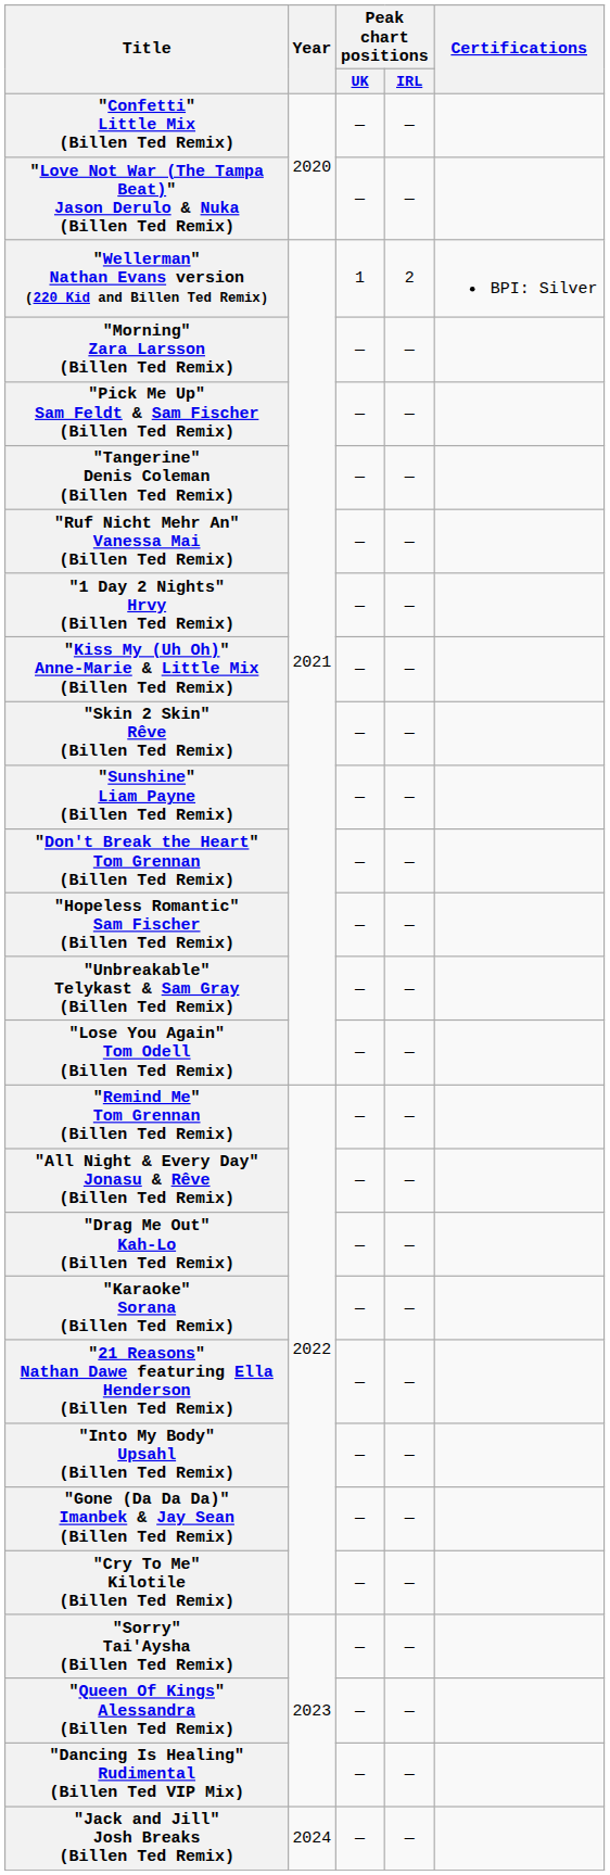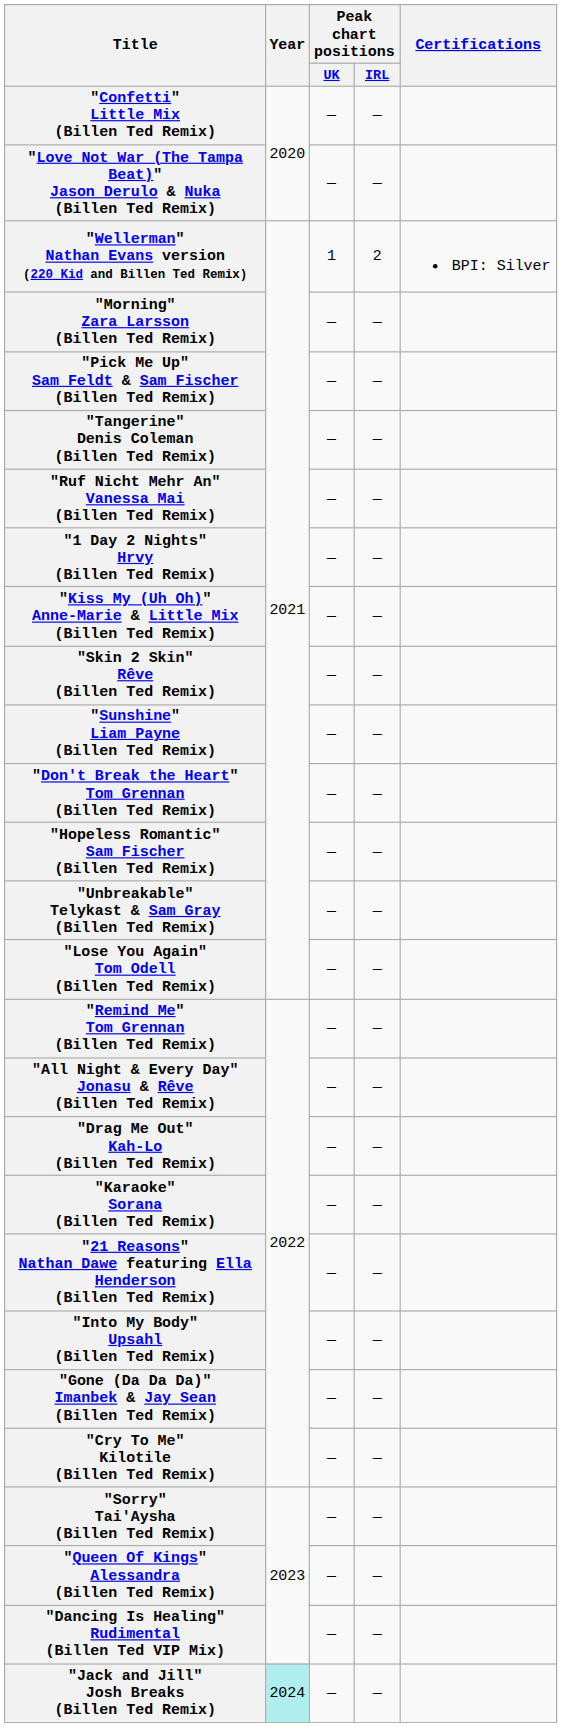 <table class="wikitable plainrowheaders" style="text-align:center;">
 <tr>
 <th scope="col" rowspan="2" style="width:17em;">Title</th>
 <th scope="col" rowspan="2" style="width:1em;">Year</th>
 <th scope="col" colspan="2">Peak chart positions</th>
 <th scope="col" rowspan="2" style="width:10em;"><a href='#'>Certifications</a></th>
 </tr>
 <tr>
 <th scope="col" style="width:2.9em;font-size:90%;"><a href='#'>UK</a><br></th>
 <th scope="col" style="width:2.9em;font-size:90%;"><a href='#'>IRL</a><br></th>
 </tr>
 <tr>
 <th scope="row">"<a href='#'>Confetti</a>"<br><a href='#'>Little Mix</a>  <br><span>(Billen Ted Remix)</span></th>
 <td rowspan="2">2020</td>
 <td>―</td>
 <td>―</td>
 <td></td>
 </tr>
 <tr>
 <th scope="row">"<a href='#'>Love Not War (The Tampa Beat)</a>"<br><a href='#'>Jason Derulo</a> & <a href='#'>Nuka</a>  <br><span>(Billen Ted Remix)</span></th>
 <td>―</td>
 <td>―</td>
 <td></td>
 </tr>
 <tr>
 <th scope="row">"<a href='#'>Wellerman</a>"<br><a href='#'>Nathan Evans</a> version<br><small>(<a href='#'>220 Kid</a> and Billen Ted Remix)</small></th>
 <td rowspan="13">2021</td>
 <td>1</td>
 <td>2<br></td>
 <td><br><ul><li>BPI: Silver</li></ul></td>
 </tr>
 <tr>
 <th scope="row">"Morning"<br><a href='#'>Zara Larsson</a> <br><span>(Billen Ted Remix)</span></th>
 <td>―</td>
 <td>―</td>
 <td></td>
 </tr>
 <tr>
 <th scope="row">"Pick Me Up"<br><a href='#'>Sam Feldt</a> & <a href='#'>Sam Fischer</a>  <br><span>(Billen Ted Remix)</span></th>
 <td>―</td>
 <td>―</td>
 <td></td>
 </tr>
 <tr>
 <th scope="row">"Tangerine"<br>Denis Coleman  <br><span>(Billen Ted Remix)</span></th>
 <td>―</td>
 <td>―</td>
 <td></td>
 </tr>
 <tr>
 <th scope="row">"Ruf Nicht Mehr An"<br><a href='#'>Vanessa Mai</a>  <br><span>(Billen Ted Remix)</span></th>
 <td>―</td>
 <td>―</td>
 <td></td>
 </tr>
 <tr>
 <th scope="row">"1 Day 2 Nights"<br><a href='#'>Hrvy</a>  <br><span>(Billen Ted Remix)</span></th>
 <td>―</td>
 <td>―</td>
 <td></td>
 </tr>
 <tr>
 <th scope="row">"<a href='#'>Kiss My (Uh Oh)</a>"<br><a href='#'>Anne-Marie</a> & <a href='#'>Little Mix</a> <br><span>(Billen Ted Remix)</span></th>
 <td>―</td>
 <td>―</td>
 <td></td>
 </tr>
 <tr>
 <th scope="row">"Skin 2 Skin"<br><a href='#'>Rêve</a>  <br><span>(Billen Ted Remix)</span></th>
 <td>―</td>
 <td>―</td>
 <td></td>
 </tr>
 <tr>
 <th scope="row">"<a href='#'>Sunshine</a>"<br><a href='#'>Liam Payne</a><br><span>(Billen Ted Remix)</span></th>
 <td>―</td>
 <td>―</td>
 <td></td>
 </tr>
 <tr>
 <th scope="row">"<a href='#'>Don't Break the Heart</a>"<br><a href='#'>Tom Grennan</a><br><span>(Billen Ted Remix)</span></th>
 <td>―</td>
 <td>―</td>
 <td></td>
 </tr>
 <tr>
 <th scope="row">"Hopeless Romantic"<br><a href='#'>Sam Fischer</a>  <br><span>(Billen Ted Remix)</span></th>
 <td>―</td>
 <td>―</td>
 <td></td>
 </tr>
 <tr>
 <th scope="row">"Unbreakable"<br>Telykast & <a href='#'>Sam Gray</a>  <br><span>(Billen Ted Remix)</span></th>
 <td>―</td>
 <td>―</td>
 <td></td>
 </tr>
 <tr>
 <th scope="row">"Lose You Again"<br><a href='#'>Tom Odell</a><br><span>(Billen Ted Remix)</span></th>
 <td>―</td>
 <td>―</td>
 <td></td>
 </tr>
 <tr>
 <th scope="row">"<a href='#'>Remind Me</a>"<br><a href='#'>Tom Grennan</a>  <br><span>(Billen Ted Remix)</span></th>
 <td rowspan="8">2022</td>
 <td>―</td>
 <td>―</td>
 <td></td>
 </tr>
 <tr>
 <th scope="row">"All Night & Every Day"<br><a href='#'>Jonasu</a> & <a href='#'>Rêve</a>  <br><span>(Billen Ted Remix)</span></th>
 <td>―</td>
 <td>―</td>
 <td></td>
 </tr>
 <tr>
 <th scope="row">"Drag Me Out"<br><a href='#'>Kah-Lo</a>  <br><span>(Billen Ted Remix)</span></th>
 <td>―</td>
 <td>―</td>
 <td></td>
 </tr>
 <tr>
 <th scope="row">"Karaoke"<br><a href='#'>Sorana</a>  <br><span>(Billen Ted Remix)</span></th>
 <td>―</td>
 <td>―</td>
 <td></td>
 </tr>
 <tr>
 <th scope="row">"<a href='#'>21 Reasons</a>"<br><a href='#'>Nathan Dawe</a> featuring <a href='#'>Ella Henderson</a>  <br><span>(Billen Ted Remix)</span></th>
 <td>―</td>
 <td>―</td>
 <td></td>
 </tr>
 <tr>
 <th scope="row">"Into My Body"<br><a href='#'>Upsahl</a>  <br><span>(Billen Ted Remix)</span></th>
 <td>―</td>
 <td>―</td>
 <td></td>
 </tr>
 <tr>
 <th scope="row">"Gone (Da Da Da)"<br><a href='#'>Imanbek</a> & <a href='#'>Jay Sean</a>  <br><span>(Billen Ted Remix)</span></th>
 <td>―</td>
 <td>―</td>
 <td></td>
 </tr>
 <tr>
 <th scope="row">"Cry To Me"<br>Kilotile  <br><span>(Billen Ted Remix)</span></th>
 <td>―</td>
 <td>―</td>
 <td></td>
 </tr>
 <tr>
 <th scope="row">"Sorry"<br>Tai'Aysha<br><span>(Billen Ted Remix)</span></th>
 <td rowspan="3">2023</td>
 <td>―</td>
 <td>―</td>
 <td></td>
 </tr>
 <tr>
 <th scope="row">"<a href='#'>Queen Of Kings</a>"<br><a href='#'>Alessandra</a><br><span>(Billen Ted Remix)</span></th>
 <td>―</td>
 <td>―</td>
 <td></td>
 </tr>
 <tr>
 <th scope="row">"Dancing Is Healing"<br><a href='#'>Rudimental</a><br><span>(Billen Ted VIP Mix)</span></th>
 <td>―</td>
 <td>―</td>
 <td></td>
 </tr>
 <tr>
 <th scope="row">"Jack and Jill"<br>Josh Breaks<br><span>(Billen Ted Remix)</span></th>
-<td>2024</td>
+<td style="background: paleturquoise;">2024</td>
 <td>―</td>
 <td>―</td>
 <td></td>
 </tr>
 </table>
